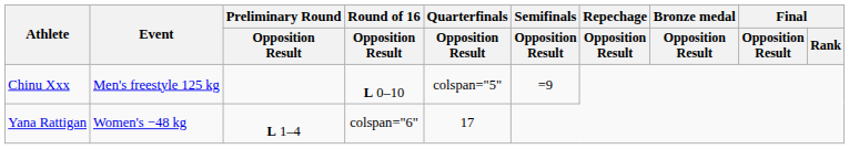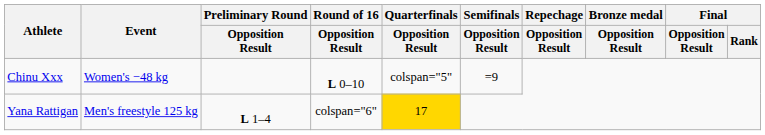 <table class="wikitable" style="font-size:90%;">
 <tr>
 <th rowspan=2>Athlete</th>
 <th rowspan=2>Event</th>
 <th>Preliminary Round</th>
 <th>Round of 16</th>
 <th>Quarterfinals</th>
 <th>Semifinals</th>
 <th>Repechage</th>
 <th>Bronze medal</th>
 <th colspan=2>Final</th>
 </tr>
 <tr style="font-size:95%">
 <th>Opposition<br>Result</th>
 <th>Opposition<br>Result</th>
 <th>Opposition<br>Result</th>
 <th>Opposition<br>Result</th>
 <th>Opposition<br>Result</th>
 <th>Opposition<br>Result</th>
 <th>Opposition<br>Result</th>
 <th>Rank</th>
 </tr>
 <tr align=center>
 <td align=left><a href='#'>Chinu Xxx</a></td>
-<td align=left><a href='#'>Men's freestyle 125 kg</a></td>
+<td align=left><a href='#'>Women's −48 kg</a></td>
 <td></td>
 <td><br><strong>L</strong> 0–10</td>
 <td>colspan="5" </td>
 <td>=9</td>
 </tr>
 <tr align=center>
 <td align=left><a href='#'>Yana Rattigan</a></td>
-<td align=left><a href='#'>Women's −48 kg</a></td>
+<td align=left><a href='#'>Men's freestyle 125 kg</a></td>
 <td><br><strong>L</strong> 1–4</td>
 <td>colspan="6" </td>
-<td>17</td>
+<td style="background: gold;">17</td>
 </tr>
 </table>
